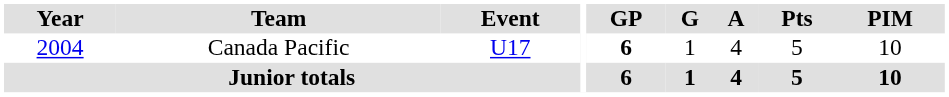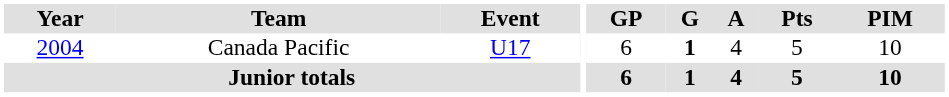 <table border="0" cellpadding="1" cellspacing="0" ID="Table3" style="text-align:center; width:40em">
 <tr ALIGN="center" bgcolor="#e0e0e0">
 <th>Year</th>
 <th>Team</th>
 <th>Event</th>
 <th rowspan="99" bgcolor="#ffffff"></th>
 <th>GP</th>
 <th>G</th>
 <th>A</th>
 <th>Pts</th>
 <th>PIM</th>
 </tr>
 <tr>
 <td><a href='#'>2004</a></td>
 <td>Canada Pacific</td>
 <td><a href='#'>U17</a></td>
-<td><strong>6</strong></td>
-<td>1</td>
+<td>6</td>
+<td><strong>1</strong></td>
 <td>4</td>
 <td>5</td>
 <td>10</td>
 </tr>
 <tr bgcolor="#e0e0e0">
 <th colspan="3">Junior totals</th>
 <th>6</th>
 <th>1</th>
 <th>4</th>
 <th>5</th>
 <th>10</th>
 </tr>
 </table>
